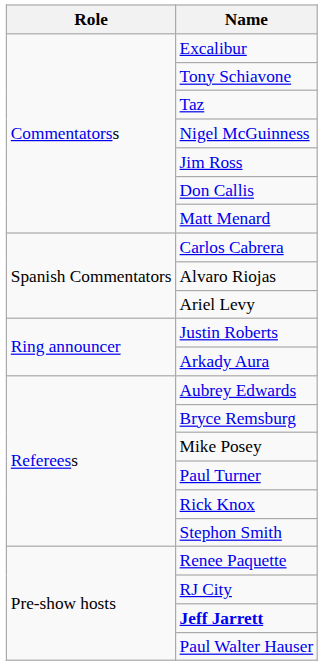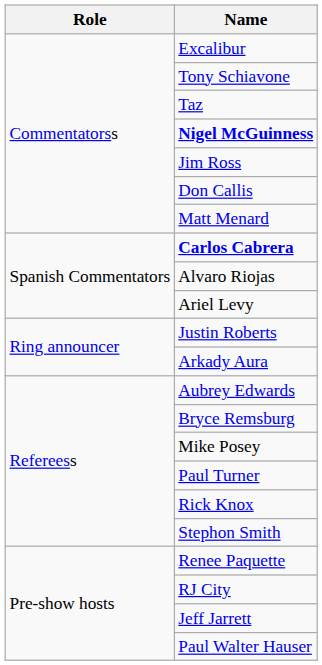 <table class=wikitable style="font-size:90%; margin: 0.5em 0 0.5em 1em; float: right; clear: right;">
 <tr>
 <th>Role</th>
 <th>Name</th>
 </tr>
 <tr>
 <td rowspan="7"><a href='#'>Commentators</a>s</td>
 <td><a href='#'>Excalibur</a> </td>
 </tr>
 <tr>
 <td><a href='#'>Tony Schiavone</a> </td>
 </tr>
 <tr>
 <td><a href='#'>Taz</a> </td>
 </tr>
 <tr>
-<td><a href='#'>Nigel McGuinness</a> </td>
+<td><strong><a href='#'>Nigel McGuinness</a> </strong></td>
 </tr>
 <tr>
 <td><a href='#'>Jim Ross</a> </td>
 </tr>
 <tr>
 <td><a href='#'>Don Callis</a> </td>
 </tr>
 <tr>
 <td><a href='#'>Matt Menard</a> </td>
 </tr>
 <tr>
 <td rowspan=3>Spanish Commentators</td>
-<td><a href='#'>Carlos Cabrera</a></td>
+<td><strong><a href='#'>Carlos Cabrera</a></strong></td>
 </tr>
 <tr>
 <td>Alvaro Riojas</td>
 </tr>
 <tr>
 <td>Ariel Levy</td>
 </tr>
 <tr>
 <td rowspan=2><a href='#'>Ring announcer</a></td>
 <td><a href='#'>Justin Roberts</a> </td>
 </tr>
 <tr>
 <td><a href='#'>Arkady Aura</a> </td>
 </tr>
 <tr>
 <td rowspan=6><a href='#'>Referees</a>s</td>
 <td><a href='#'>Aubrey Edwards</a></td>
 </tr>
 <tr>
 <td><a href='#'>Bryce Remsburg</a></td>
 </tr>
 <tr>
 <td>Mike Posey</td>
 </tr>
 <tr>
 <td><a href='#'>Paul Turner</a></td>
 </tr>
 <tr>
 <td><a href='#'>Rick Knox</a></td>
 </tr>
 <tr>
 <td><a href='#'>Stephon Smith</a></td>
 </tr>
 <tr>
 <td rowspan=4>Pre-show hosts</td>
 <td><a href='#'>Renee Paquette</a></td>
 </tr>
 <tr>
 <td><a href='#'>RJ City</a></td>
 </tr>
 <tr>
-<td><strong><a href='#'>Jeff Jarrett</a></strong></td>
+<td><a href='#'>Jeff Jarrett</a></td>
 </tr>
 <tr>
 <td><a href='#'>Paul Walter Hauser</a></td>
 </tr>
 </table>
